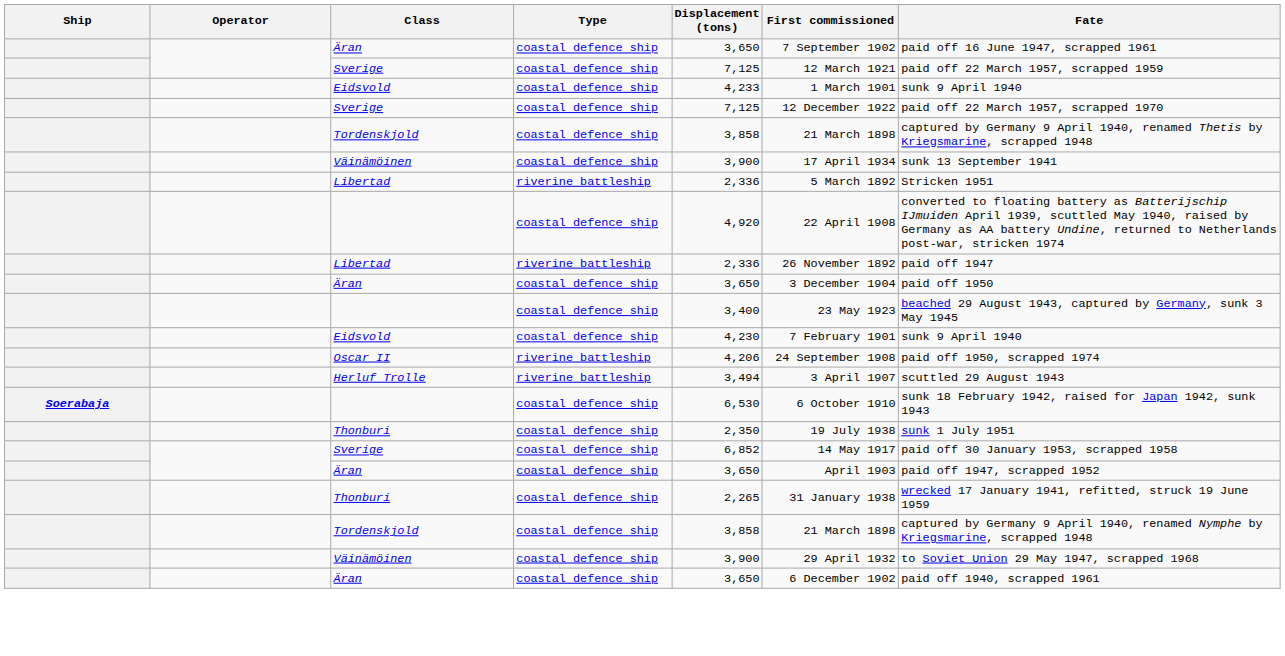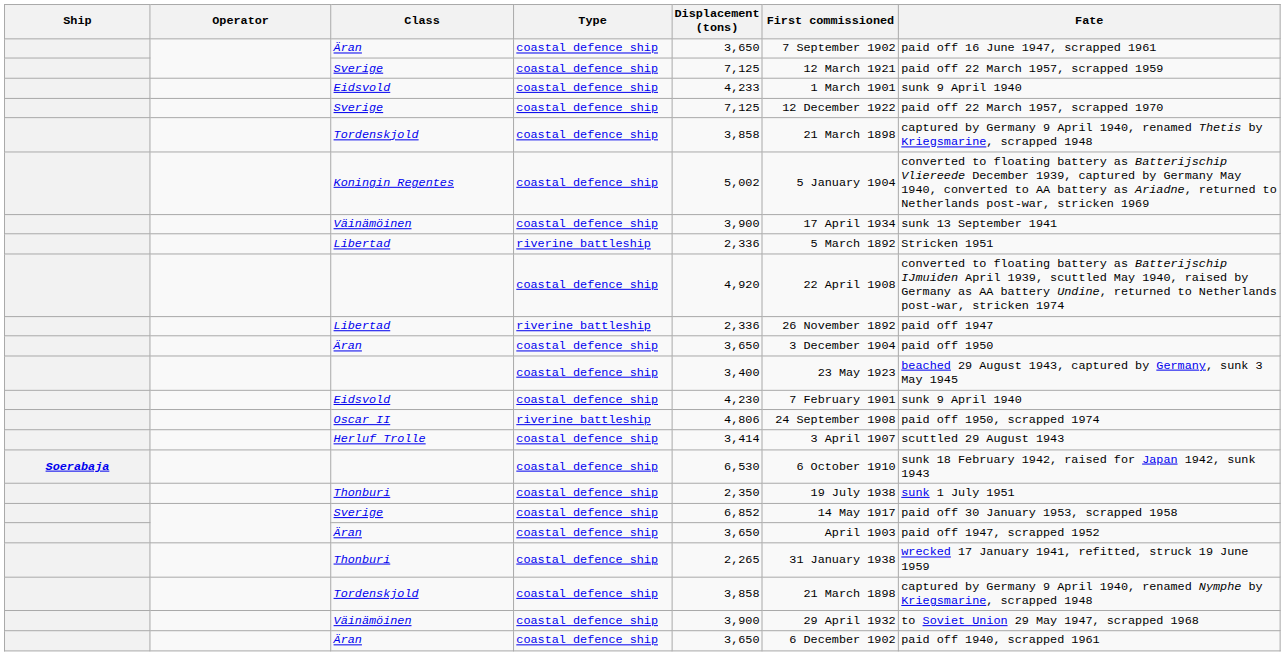 <table class="wikitable sortable plainrowheaders" style="width:100%; font-size: 90%">
 <tr>
 <th scope="col" style="width:12%;">Ship</th>
 <th scope="col" style="width:15%;">Operator</th>
 <th scope="col" style="width:15%;">Class</th>
 <th scope="col" style="width:13%;">Type</th>
 <th scope="col" style="width:2%;">Displacement (tons)</th>
 <th scope="col" style="width:11%;">First commissioned</th>
 <th scope="col" style="width:32%;">Fate</th>
 </tr>
 <tr>
 <th scope="row"></th>
 <td rowspan="2"></td>
 <td><em><a href='#'>Äran</a></em></td>
 <td><a href='#'>coastal defence ship</a></td>
 <td style="text-align:right;">3,650</td>
 <td style="text-align:right;">7 September 1902</td>
 <td>paid off 16 June 1947, scrapped 1961</td>
 </tr>
 <tr>
 <th scope="row"></th>
 <td><em><a href='#'>Sverige</a></em></td>
 <td><a href='#'>coastal defence ship</a></td>
 <td style="text-align:right;">7,125</td>
 <td style="text-align:right;">12 March 1921</td>
 <td>paid off 22 March 1957, scrapped 1959</td>
 </tr>
 <tr>
 <th scope="row"></th>
 <td></td>
 <td><a href='#'><em>Eidsvold</em></a></td>
 <td><a href='#'>coastal defence ship</a></td>
 <td style="text-align:right;">4,233</td>
 <td style="text-align:right;">1 March 1901</td>
 <td>sunk 9 April 1940</td>
 </tr>
 <tr>
 <th scope="row"></th>
 <td></td>
 <td><em><a href='#'>Sverige</a></em></td>
 <td><a href='#'>coastal defence ship</a></td>
 <td style="text-align:right;">7,125</td>
 <td style="text-align:right;">12 December 1922</td>
 <td>paid off 22 March 1957, scrapped 1970</td>
 </tr>
 <tr>
 <th scope="row"></th>
 <td></td>
 <td><em><a href='#'>Tordenskjold</a></em></td>
 <td><a href='#'>coastal defence ship</a></td>
 <td style="text-align:right;">3,858</td>
 <td style="text-align:right;">21 March 1898</td>
 <td>captured by Germany 9 April 1940, renamed <em>Thetis</em> by <a href='#'>Kriegsmarine</a>, scrapped 1948</td>
+</tr>
+<tr>
+<th scope="row"></th>
+<td></td>
+<td><em><a href='#'>Koningin Regentes</a></em></td>
+<td><a href='#'>coastal defence ship</a></td>
+<td style="text-align:right;">5,002</td>
+<td style="text-align:right;">5 January 1904</td>
+<td>converted to floating battery as <em>Batterijschip Vliereede</em> December 1939, captured by Germany May 1940, converted to AA battery as <em>Ariadne</em>, returned to Netherlands post-war, stricken 1969</td>
 </tr>
 <tr>
 <th scope="row"></th>
 <td></td>
 <td><em><a href='#'>Väinämöinen</a></em></td>
 <td><a href='#'>coastal defence ship</a></td>
 <td style="text-align:right;">3,900</td>
 <td style="text-align:right;">17 April 1934</td>
 <td>sunk 13 September 1941</td>
 </tr>
 <tr>
 <th scope="row"></th>
 <td></td>
 <td><em><a href='#'>Libertad</a></em></td>
 <td><a href='#'>riverine battleship</a></td>
 <td style="text-align:right;">2,336</td>
 <td style="text-align:right;">5 March 1892</td>
 <td>Stricken 1951</td>
 </tr>
 <tr>
 <th scope="row"></th>
 <td></td>
 <td></td>
 <td><a href='#'>coastal defence ship</a></td>
 <td style="text-align:right;">4,920</td>
 <td style="text-align:right;">22 April 1908</td>
 <td>converted to floating battery as <em>Batterijschip IJmuiden</em> April 1939, scuttled May 1940, raised by Germany as AA battery <em>Undine</em>, returned to Netherlands post-war, stricken 1974</td>
 </tr>
 <tr>
 <th scope="row"></th>
 <td></td>
 <td><em><a href='#'>Libertad</a></em></td>
 <td><a href='#'>riverine battleship</a></td>
 <td style="text-align:right;">2,336</td>
 <td style="text-align:right;">26 November 1892</td>
 <td>paid off  1947</td>
 </tr>
 <tr>
 <th scope="row"></th>
 <td></td>
 <td><em><a href='#'>Äran</a></em></td>
 <td><a href='#'>coastal defence ship</a></td>
 <td style="text-align:right;">3,650</td>
 <td style="text-align:right;">3 December 1904</td>
 <td>paid off 1950</td>
 </tr>
 <tr>
 <th scope="row"></th>
 <td></td>
 <td></td>
 <td><a href='#'>coastal defence ship</a></td>
 <td style="text-align:right;">3,400</td>
 <td style="text-align:right;">23 May 1923</td>
 <td><a href='#'>beached</a> 29 August 1943, captured by <a href='#'>Germany</a>, sunk 3 May 1945</td>
 </tr>
 <tr>
 <th scope="row"></th>
 <td></td>
 <td><a href='#'><em>Eidsvold</em></a></td>
 <td><a href='#'>coastal defence ship</a></td>
 <td style="text-align:right;">4,230</td>
 <td style="text-align:right;">7 February 1901</td>
 <td>sunk 9 April 1940</td>
 </tr>
 <tr>
 <th scope="row"></th>
 <td></td>
 <td><a href='#'><em>Oscar II</em></a></td>
 <td><a href='#'>riverine battleship</a></td>
-<td style="text-align:right;">4,206</td>
+<td style="text-align:right;">4,806</td>
 <td style="text-align:right;">24 September 1908</td>
 <td>paid off 1950, scrapped 1974</td>
 </tr>
 <tr>
 <th scope="row"></th>
 <td></td>
 <td><em><a href='#'>Herluf Trolle</a></em></td>
-<td><a href='#'>riverine battleship</a></td>
-<td style="text-align:right;">3,494</td>
+<td><a href='#'>coastal defence ship</a></td>
+<td style="text-align:right;">3,414</td>
 <td style="text-align:right;">3 April 1907</td>
 <td>scuttled 29 August 1943</td>
 </tr>
 <tr>
 <th scope="row"><em><a href='#'>Soerabaja</a></em></th>
 <td></td>
 <td></td>
 <td><a href='#'>coastal defence ship</a></td>
 <td style="text-align:right;">6,530</td>
 <td style="text-align:right;">6 October 1910</td>
 <td>sunk 18 February 1942, raised for <a href='#'>Japan</a> 1942, sunk 1943</td>
 </tr>
 <tr>
 <th scope="row"></th>
 <td></td>
 <td><a href='#'><em>Thonburi</em></a></td>
 <td><a href='#'>coastal defence ship</a></td>
 <td style="text-align:right;">2,350</td>
 <td style="text-align:right;">19 July 1938</td>
 <td><a href='#'>sunk</a> 1 July 1951</td>
 </tr>
 <tr>
 <th scope="row"></th>
 <td rowspan="2"></td>
 <td><em><a href='#'>Sverige</a></em></td>
 <td><a href='#'>coastal defence ship</a></td>
 <td style="text-align:right;">6,852</td>
 <td style="text-align:right;">14 May 1917</td>
 <td>paid off 30 January 1953, scrapped 1958</td>
 </tr>
 <tr>
 <th scope="row"></th>
 <td><em><a href='#'>Äran</a></em></td>
 <td><a href='#'>coastal defence ship</a></td>
 <td style="text-align:right;">3,650</td>
 <td style="text-align:right;">April 1903</td>
 <td>paid off 1947, scrapped 1952</td>
 </tr>
 <tr>
 <th scope="row"></th>
 <td></td>
 <td><a href='#'><em>Thonburi</em></a></td>
 <td><a href='#'>coastal defence ship</a></td>
 <td style="text-align:right;">2,265</td>
 <td style="text-align:right;">31 January 1938</td>
 <td><a href='#'>wrecked</a> 17 January 1941, refitted, struck 19 June 1959</td>
 </tr>
 <tr>
 <th scope="row"></th>
 <td></td>
 <td><em><a href='#'>Tordenskjold</a></em></td>
 <td><a href='#'>coastal defence ship</a></td>
 <td style="text-align:right;">3,858</td>
 <td style="text-align:right;">21 March 1898</td>
 <td>captured by Germany 9 April 1940, renamed <em>Nymphe</em> by <a href='#'>Kriegsmarine</a>, scrapped 1948</td>
 </tr>
 <tr>
 <th scope="row"></th>
 <td></td>
 <td><em><a href='#'>Väinämöinen</a></em></td>
 <td><a href='#'>coastal defence ship</a></td>
 <td style="text-align:right;">3,900</td>
 <td style="text-align:right;">29 April 1932</td>
 <td>to <a href='#'>Soviet Union</a> 29 May 1947, scrapped 1968</td>
 </tr>
 <tr>
 <th scope="row"></th>
 <td></td>
 <td><em><a href='#'>Äran</a></em></td>
 <td><a href='#'>coastal defence ship</a></td>
 <td style="text-align:right;">3,650</td>
 <td style="text-align:right;">6 December 1902</td>
 <td>paid off 1940, scrapped 1961</td>
 </tr>
 </table>
